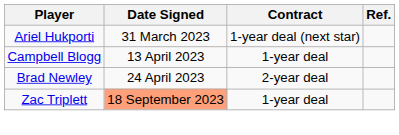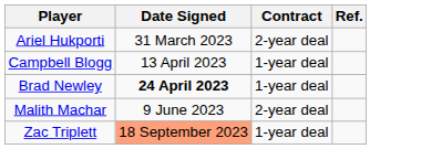 <table class="wikitable sortable sortable" style="text-align: center">
 <tr>
 <th>Player</th>
 <th>Date Signed</th>
 <th>Contract</th>
 <th>Ref.</th>
 </tr>
 <tr>
 <td><a href='#'>Ariel Hukporti</a></td>
 <td>31 March 2023</td>
-<td>1-year deal (next star)</td>
+<td>2-year deal</td>
 <td></td>
 </tr>
 <tr>
 <td><a href='#'>Campbell Blogg</a></td>
 <td>13 April 2023</td>
 <td>1-year deal</td>
 <td></td>
 </tr>
 <tr>
 <td><a href='#'>Brad Newley</a></td>
-<td>24 April 2023</td>
+<td><strong>24 April 2023</strong></td>
+<td>1-year deal</td>
+<td></td>
+</tr>
+<tr>
+<td><a href='#'>Malith Machar</a></td>
+<td>9 June 2023</td>
 <td>2-year deal</td>
 <td></td>
 </tr>
 <tr>
 <td><a href='#'>Zac Triplett</a></td>
 <td style="background: lightsalmon;">18 September 2023</td>
 <td>1-year deal</td>
 <td></td>
 </tr>
 </table>
